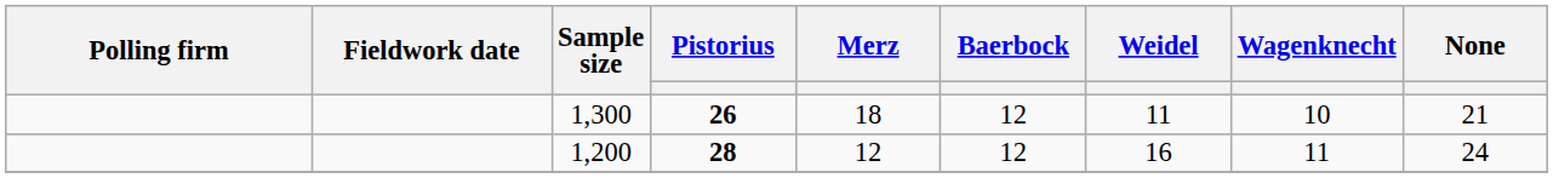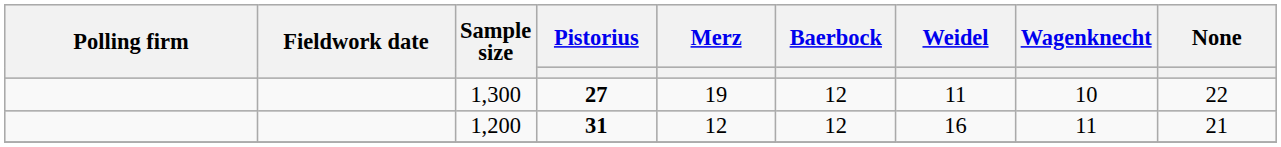 <table class="wikitable sortable mw-datatable" style="text-align:center;font-size:90%;line-height:14px;">
 <tr style="height:40px;">
 <th style="width:155px;" rowspan="2">Polling firm</th>
 <th style="width:120px;" rowspan="2">Fieldwork date</th>
 <th style="width: 35px;" rowspan="2">Sample<br>size</th>
 <th class="unsortable" style="width:70px;"><a href='#'>Pistorius</a><br></th>
 <th class="unsortable" style="width:70px;"><a href='#'>Merz</a><br></th>
 <th class="unsortable" style="width:70px;"><a href='#'>Baerbock</a><br></th>
 <th class="unsortable" style="width:70px;"><a href='#'>Weidel</a><br></th>
 <th class="unsortable" style="width:70px;"><a href='#'>Wagenknecht</a><br></th>
 <th class="unsortable" style="width:70px;">None</th>
 </tr>
 <tr>
 <th style="background:"></th>
 <th style="background:"></th>
 <th style="background:"></th>
 <th style="background:"></th>
 <th style="background:"></th>
 <th style="background:"></th>
 </tr>
 <tr>
 <td></td>
 <td></td>
 <td>1,300</td>
-<td><strong>26</strong></td>
-<td>18</td>
+<td><strong>27</strong></td>
+<td>19</td>
 <td>12</td>
 <td>11</td>
 <td>10</td>
-<td>21</td>
+<td>22</td>
 </tr>
 <tr>
 <td></td>
 <td></td>
 <td>1,200</td>
-<td><strong>28</strong></td>
+<td><strong>31</strong></td>
 <td>12</td>
 <td>12</td>
 <td>16</td>
 <td>11</td>
-<td>24</td>
+<td>21</td>
 </tr>
 <tr>
 </tr>
 </table>
